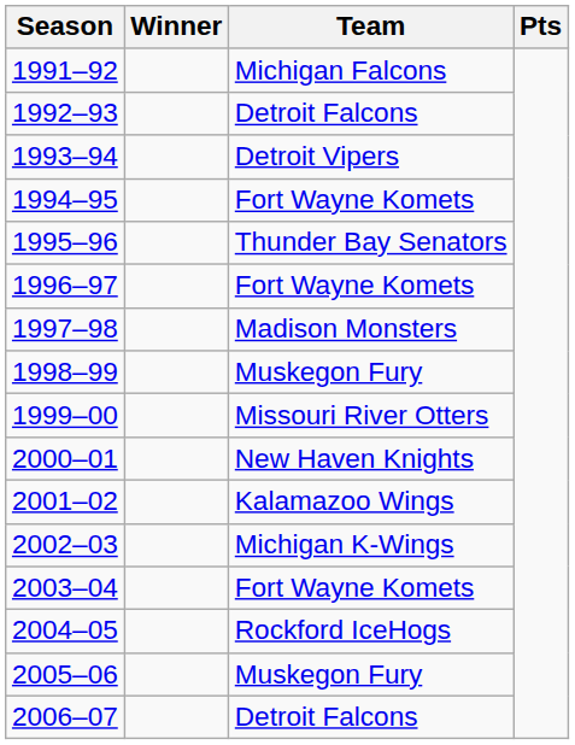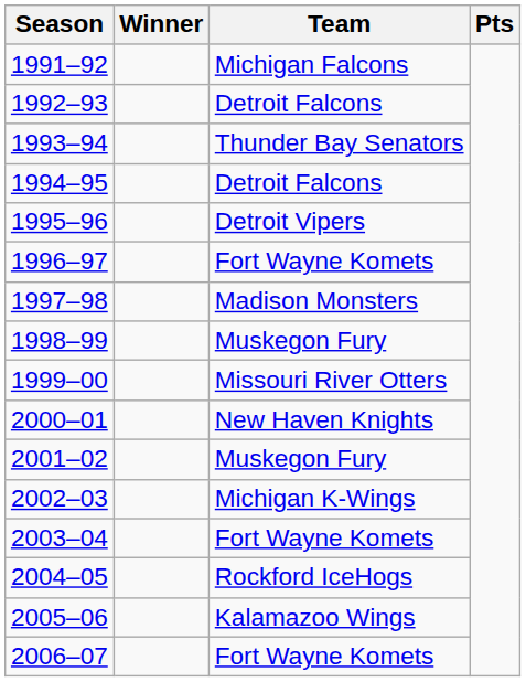 <table class="wikitable sortable" style="width=60%">
 <tr>
 <th>Season</th>
 <th>Winner</th>
 <th>Team</th>
 <th>Pts</th>
 </tr>
 <tr>
 <td><a href='#'>1991–92</a></td>
 <td></td>
 <td><a href='#'>Michigan Falcons</a></td>
 </tr>
 <tr>
 <td><a href='#'>1992–93</a></td>
 <td></td>
 <td><a href='#'>Detroit Falcons</a></td>
 </tr>
 <tr>
 <td><a href='#'>1993–94</a></td>
 <td></td>
-<td><a href='#'>Detroit Vipers</a></td>
+<td><a href='#'>Thunder Bay Senators</a></td>
 </tr>
 <tr>
 <td><a href='#'>1994–95</a></td>
 <td></td>
-<td><a href='#'>Fort Wayne Komets</a></td>
+<td><a href='#'>Detroit Falcons</a></td>
 </tr>
 <tr>
 <td><a href='#'>1995–96</a></td>
 <td></td>
-<td><a href='#'>Thunder Bay Senators</a></td>
+<td><a href='#'>Detroit Vipers</a></td>
 </tr>
 <tr>
 <td><a href='#'>1996–97</a></td>
 <td></td>
 <td><a href='#'>Fort Wayne Komets</a></td>
 </tr>
 <tr>
 <td><a href='#'>1997–98</a></td>
 <td></td>
 <td><a href='#'>Madison Monsters</a></td>
 </tr>
 <tr>
 <td><a href='#'>1998–99</a></td>
 <td></td>
 <td><a href='#'>Muskegon Fury</a></td>
 </tr>
 <tr>
 <td><a href='#'>1999–00</a></td>
 <td></td>
 <td><a href='#'>Missouri River Otters</a></td>
 </tr>
 <tr>
 <td><a href='#'>2000–01</a></td>
 <td></td>
 <td><a href='#'>New Haven Knights</a></td>
 </tr>
 <tr>
 <td><a href='#'>2001–02</a></td>
 <td></td>
-<td><a href='#'>Kalamazoo Wings</a></td>
+<td><a href='#'>Muskegon Fury</a></td>
 </tr>
 <tr>
 <td><a href='#'>2002–03</a></td>
 <td></td>
 <td><a href='#'>Michigan K-Wings</a></td>
 </tr>
 <tr>
 <td><a href='#'>2003–04</a></td>
 <td></td>
 <td><a href='#'>Fort Wayne Komets</a></td>
 </tr>
 <tr>
 <td><a href='#'>2004–05</a></td>
 <td></td>
 <td><a href='#'>Rockford IceHogs</a></td>
 </tr>
 <tr>
 <td><a href='#'>2005–06</a></td>
 <td></td>
-<td><a href='#'>Muskegon Fury</a></td>
+<td><a href='#'>Kalamazoo Wings</a></td>
 </tr>
 <tr>
 <td><a href='#'>2006–07</a></td>
 <td></td>
-<td><a href='#'>Detroit Falcons</a></td>
+<td><a href='#'>Fort Wayne Komets</a></td>
 </tr>
 </table>
